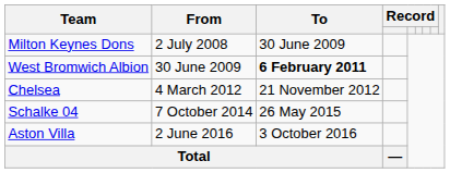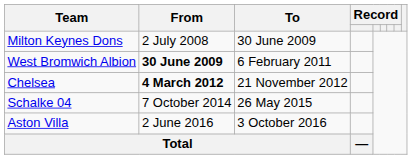 <table class=wikitable style="text-align:center">
 <tr>
 <th rowspan=2>Team</th>
 <th rowspan=2>From</th>
 <th rowspan=2>To</th>
 <th colspan=5>Record</th>
 <th rowspan=2></th>
 </tr>
 <tr>
 <th></th>
 <th></th>
 <th></th>
 <th></th>
 <th></th>
 </tr>
 <tr>
 <td align=left><a href='#'>Milton Keynes Dons</a></td>
 <td align=left>2 July 2008</td>
 <td align=left>30 June 2009<br></td>
 <td></td>
 </tr>
 <tr>
 <td align=left><a href='#'>West Bromwich Albion</a></td>
-<td align=left>30 June 2009</td>
-<td align=left><strong>6 February 2011<br></strong></td>
+<td align=left><strong>30 June 2009</strong></td>
+<td align=left>6 February 2011<br></td>
 <td></td>
 </tr>
 <tr>
 <td align=left><a href='#'>Chelsea</a></td>
-<td align=left>4 March 2012</td>
+<td align=left><strong>4 March 2012</strong></td>
 <td align=left>21 November 2012<br></td>
 <td></td>
 </tr>
 <tr>
 <td align=left><a href='#'>Schalke 04</a></td>
 <td align=left>7 October 2014</td>
 <td align=left>26 May 2015<br></td>
 <td></td>
 </tr>
 <tr>
 <td align=left><a href='#'>Aston Villa</a></td>
 <td align=left>2 June 2016</td>
 <td align=left>3 October 2016<br></td>
 <td></td>
 </tr>
 <tr>
 <th colspan=3>Total<br></th>
 <th>—</th>
 </tr>
 </table>
